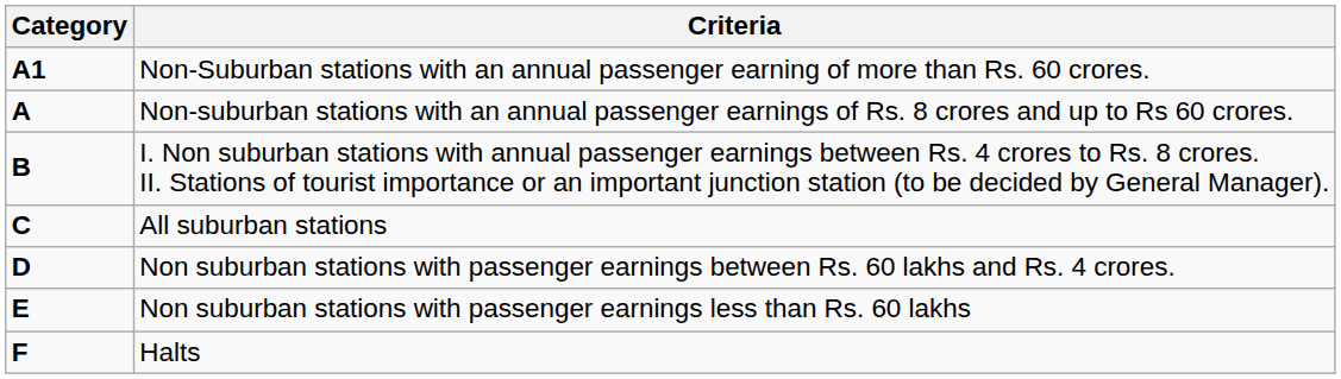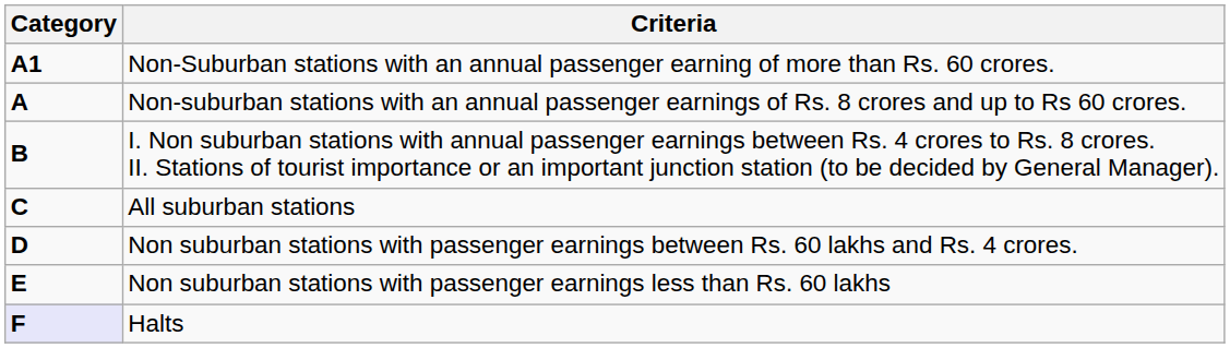 <table class="wikitable">
 <tr>
 <th>Category</th>
 <th>Criteria</th>
 </tr>
 <tr>
 <td><strong>A1</strong></td>
 <td>Non-Suburban stations with an annual passenger earning of more than Rs. 60 crores.</td>
 </tr>
 <tr>
 <td><strong>A</strong></td>
 <td>Non-suburban stations with an annual passenger earnings of Rs. 8 crores and up to Rs 60 crores.</td>
 </tr>
 <tr>
 <td><strong>B</strong></td>
 <td>I. Non suburban stations with annual passenger earnings between Rs. 4 crores to Rs. 8 crores.<br>II. Stations of tourist importance or an important junction station (to be decided by General Manager).</td>
 </tr>
 <tr>
 <td><strong>C</strong></td>
 <td>All suburban stations</td>
 </tr>
 <tr>
 <td><strong>D</strong></td>
 <td>Non suburban stations with passenger earnings between Rs. 60 lakhs and Rs. 4 crores.  </td>
 </tr>
 <tr>
 <td><strong>E</strong></td>
 <td>Non suburban stations with passenger earnings less than Rs. 60 lakhs</td>
 </tr>
 <tr>
-<td><strong>F</strong></td>
+<td style="background: lavender;"><strong>F</strong></td>
 <td>Halts</td>
 </tr>
 </table>
